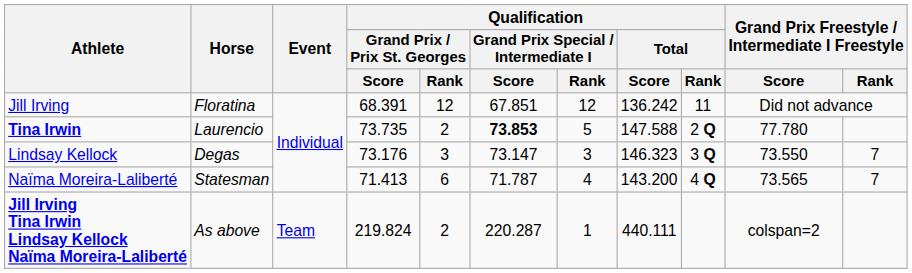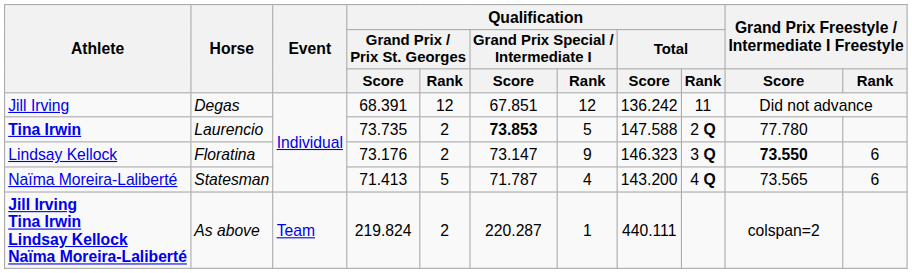 <table class=wikitable style=font-size:90%;text-align:center>
 <tr>
 <th rowspan=3>Athlete</th>
 <th rowspan=3>Horse</th>
 <th rowspan=3>Event</th>
 <th colspan=6>Qualification</th>
 <th colspan=2 rowspan=2>Grand Prix Freestyle /<br>Intermediate I Freestyle</th>
 </tr>
 <tr style=font-size:95%>
 <th colspan=2>Grand Prix /<br>Prix St. Georges</th>
 <th colspan=2>Grand Prix Special /<br>Intermediate I</th>
 <th colspan=2>Total</th>
 </tr>
 <tr style=font-size:95%>
 <th>Score</th>
 <th>Rank</th>
 <th>Score</th>
 <th>Rank</th>
 <th>Score</th>
 <th>Rank</th>
 <th>Score</th>
 <th>Rank</th>
 </tr>
 <tr>
 <td align=left><a href='#'>Jill Irving</a></td>
-<td align=left><em>Floratina</em></td>
+<td align=left><em>Degas</em></td>
 <td align=left rowspan=4><a href='#'>Individual</a></td>
 <td>68.391</td>
 <td>12</td>
 <td>67.851</td>
 <td>12</td>
 <td>136.242</td>
 <td>11</td>
 <td colspan=2>Did not advance</td>
 </tr>
 <tr>
 <td align=left><strong><a href='#'>Tina Irwin</a></strong></td>
 <td align=left><em>Laurencio</em></td>
 <td>73.735</td>
 <td>2</td>
 <td><strong>73.853</strong></td>
 <td>5</td>
 <td>147.588</td>
 <td>2 <strong>Q</strong></td>
 <td>77.780</td>
 <td></td>
 </tr>
 <tr>
 <td align=left><a href='#'>Lindsay Kellock</a></td>
-<td align=left><em>Degas</em></td>
+<td align=left><em>Floratina</em></td>
 <td>73.176</td>
-<td>3</td>
+<td>2</td>
 <td>73.147</td>
-<td>3</td>
+<td>9</td>
 <td>146.323</td>
 <td>3 <strong>Q</strong></td>
-<td>73.550</td>
-<td>7</td>
+<td><strong>73.550</strong></td>
+<td>6</td>
 </tr>
 <tr>
 <td align=left><a href='#'>Naïma Moreira-Laliberté</a></td>
 <td align=left><em>Statesman</em></td>
 <td>71.413</td>
-<td>6</td>
+<td>5</td>
 <td>71.787</td>
 <td>4</td>
 <td>143.200</td>
 <td>4 <strong>Q</strong></td>
 <td>73.565</td>
-<td>7</td>
+<td>6</td>
 </tr>
 <tr>
 <td align=left><strong><a href='#'>Jill Irving</a><br><a href='#'>Tina Irwin</a><br><a href='#'>Lindsay Kellock</a><br><a href='#'>Naïma Moreira-Laliberté</a></strong></td>
 <td align=left><em>As above</em></td>
 <td align=left><a href='#'>Team</a></td>
 <td>219.824</td>
 <td>2</td>
 <td>220.287</td>
 <td>1</td>
 <td>440.111</td>
 <td></td>
 <td>colspan=2 </td>
 </tr>
 </table>
